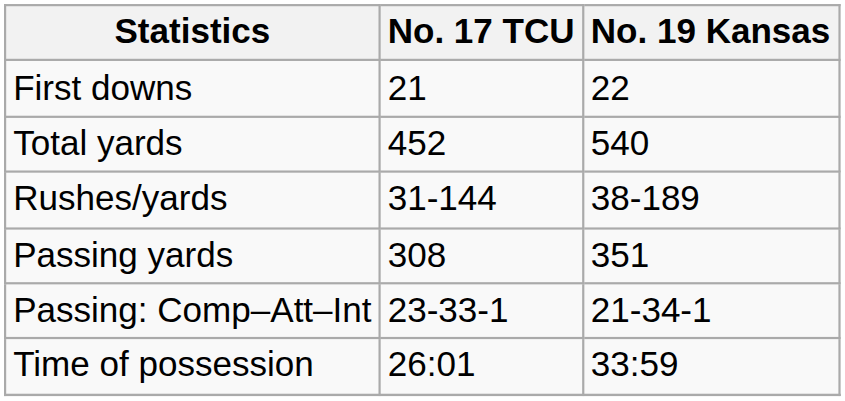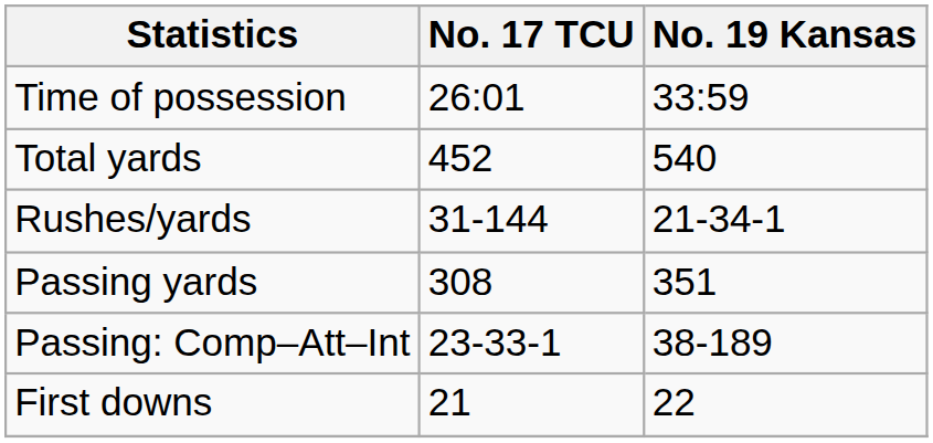 <table class="wikitable" style="float: left;">
 <tr>
 <th>Statistics</th>
 <th>No. 17 TCU</th>
 <th>No. 19 Kansas</th>
 </tr>
 <tr>
-<td>First downs</td>
-<td>21</td>
-<td>22</td>
+<td>Time of possession</td>
+<td>26:01</td>
+<td>33:59</td>
 </tr>
 <tr>
 <td>Total yards</td>
 <td>452</td>
 <td>540</td>
 </tr>
 <tr>
 <td>Rushes/yards</td>
 <td>31-144</td>
-<td>38-189</td>
+<td>21-34-1</td>
 </tr>
 <tr>
 <td>Passing yards</td>
 <td>308</td>
 <td>351</td>
 </tr>
 <tr>
 <td>Passing: Comp–Att–Int</td>
 <td>23-33-1</td>
-<td>21-34-1</td>
+<td>38-189</td>
 </tr>
 <tr>
-<td>Time of possession</td>
-<td>26:01</td>
-<td>33:59</td>
+<td>First downs</td>
+<td>21</td>
+<td>22</td>
 </tr>
 <tr>
 </tr>
 </table>
